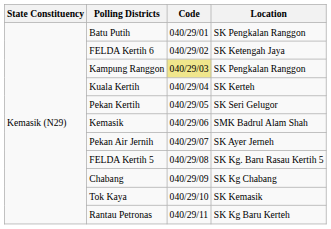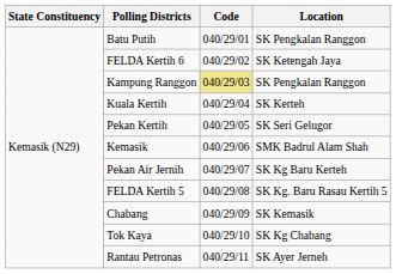 <table class="wikitable sortable mw-collapsible">
 <tr>
 <th><small>State Constituency</small></th>
 <th><small>Polling Districts</small></th>
 <th><small>Code</small></th>
 <th><small>Location</small></th>
 </tr>
 <tr>
 <td rowspan="11"><small>Kemasik (N29)</small></td>
 <td><small>Batu Putih</small></td>
 <td><small>040/29/01</small></td>
 <td><small>SK Pengkalan Ranggon</small></td>
 </tr>
 <tr>
 <td><small>FELDA Kertih 6</small></td>
 <td><small>040/29/02</small></td>
 <td><small>SK Ketengah Jaya</small></td>
 </tr>
 <tr>
 <td><small>Kampung Ranggon</small></td>
 <td style="background: khaki;"><small>040/29/03</small></td>
 <td><small>SK Pengkalan Ranggon</small></td>
 </tr>
 <tr>
 <td><small>Kuala Kertih</small></td>
 <td><small>040/29/04</small></td>
 <td><small>SK Kerteh</small></td>
 </tr>
 <tr>
 <td><small>Pekan Kertih</small></td>
 <td><small>040/29/05</small></td>
 <td><small>SK Seri Gelugor</small></td>
 </tr>
 <tr>
 <td><small>Kemasik</small></td>
 <td><small>040/29/06</small></td>
 <td><small>SMK Badrul Alam Shah</small></td>
 </tr>
 <tr>
 <td><small>Pekan Air Jernih</small></td>
 <td><small>040/29/07</small></td>
-<td><small>SK Ayer Jerneh</small></td>
+<td><small>SK Kg Baru Kerteh</small></td>
 </tr>
 <tr>
 <td><small>FELDA Kertih 5</small></td>
 <td><small>040/29/08</small></td>
 <td><small>SK Kg. Baru Rasau Kertih 5</small></td>
 </tr>
 <tr>
 <td><small>Chabang</small></td>
 <td><small>040/29/09</small></td>
-<td><small>SK Kg Chabang</small></td>
+<td><small>SK Kemasik</small></td>
 </tr>
 <tr>
 <td><small>Tok Kaya</small></td>
 <td><small>040/29/10</small></td>
-<td><small>SK Kemasik</small></td>
+<td><small>SK Kg Chabang</small></td>
 </tr>
 <tr>
 <td><small>Rantau Petronas</small></td>
 <td><small>040/29/11</small></td>
-<td><small>SK Kg Baru Kerteh</small></td>
+<td><small>SK Ayer Jerneh</small></td>
 </tr>
 </table>
